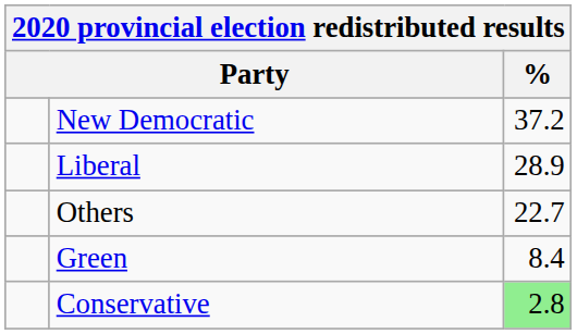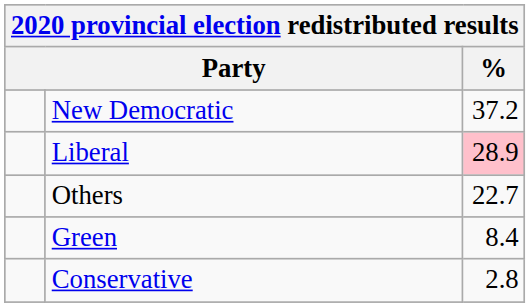 <table class="wikitable">
 <tr>
 <th colspan="4"><a href='#'>2020 provincial election</a> redistributed results</th>
 </tr>
 <tr>
 <th bgcolor="#DDDDFF" width="130px" colspan="2">Party</th>
 <th bgcolor="#DDDDFF" width="30px">%</th>
 </tr>
 <tr>
 <td> </td>
 <td><a href='#'>New Democratic</a></td>
 <td align=right>37.2</td>
 </tr>
 <tr>
 <td> </td>
 <td><a href='#'>Liberal</a></td>
-<td align=right>28.9</td>
+<td align=right style="background: pink;">28.9</td>
 </tr>
 <tr>
 <td> </td>
 <td>Others</td>
 <td align=right>22.7</td>
 </tr>
 <tr>
 <td> </td>
 <td><a href='#'>Green</a></td>
 <td align=right>8.4</td>
 </tr>
 <tr>
 <td> </td>
 <td><a href='#'>Conservative</a></td>
-<td align=right style="background: lightgreen;">2.8</td>
+<td align=right>2.8</td>
 </tr>
 </table>
